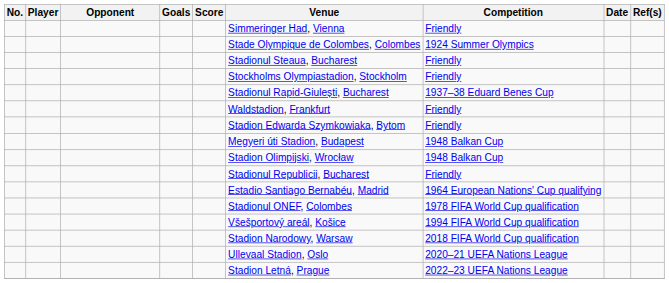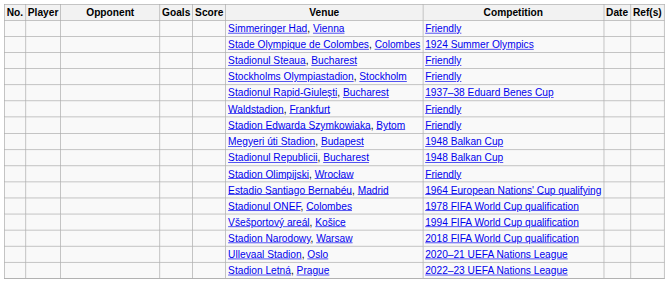 <table class="wikitable sortable" style="font-size:95%;">
 <tr>
 <th>No.</th>
 <th>Player</th>
 <th width="15%">Opponent</th>
 <th>Goals</th>
 <th class="align:center">Score</th>
 <th>Venue</th>
 <th>Competition</th>
 <th>Date</th>
 <th class="unsortable">Ref(s)</th>
 </tr>
 <tr>
 <td></td>
 <td></td>
 <td></td>
 <td></td>
 <td data-sort-value="3"></td>
 <td><a href='#'>Simmeringer Had</a>, <a href='#'>Vienna</a></td>
 <td><a href='#'>Friendly</a></td>
 <td></td>
 <td></td>
 </tr>
 <tr>
 <td></td>
 <td></td>
 <td></td>
 <td></td>
 <td data-sort-value="3"></td>
 <td><a href='#'>Stade Olympique de Colombes</a>, <a href='#'>Colombes</a></td>
 <td><a href='#'>1924 Summer Olympics</a></td>
 <td></td>
 <td></td>
 </tr>
 <tr>
 <td></td>
 <td></td>
 <td></td>
 <td></td>
 <td data-sort-value="3"></td>
 <td><a href='#'>Stadionul Steaua</a>, <a href='#'>Bucharest</a></td>
 <td><a href='#'>Friendly</a></td>
 <td></td>
 <td></td>
 </tr>
 <tr>
 <td></td>
 <td></td>
 <td></td>
 <td></td>
 <td data-sort-value="3"></td>
 <td><a href='#'>Stockholms Olympiastadion</a>, <a href='#'>Stockholm</a></td>
 <td><a href='#'>Friendly</a></td>
 <td></td>
 <td></td>
 </tr>
 <tr>
 <td></td>
 <td></td>
 <td></td>
 <td></td>
 <td data-sort-value="3"></td>
 <td><a href='#'>Stadionul Rapid-Giulești</a>, <a href='#'>Bucharest</a></td>
 <td><a href='#'>1937–38 Eduard Benes Cup</a></td>
 <td></td>
 <td></td>
 </tr>
 <tr>
 <td></td>
 <td></td>
 <td></td>
 <td></td>
 <td data-sort-value="3"></td>
 <td><a href='#'>Waldstadion</a>, <a href='#'>Frankfurt</a></td>
 <td><a href='#'>Friendly</a></td>
 <td></td>
 <td></td>
 </tr>
 <tr>
 <td></td>
 <td></td>
 <td></td>
 <td></td>
 <td data-sort-value="3"></td>
 <td><a href='#'>Stadion Edwarda Szymkowiaka</a>, <a href='#'>Bytom</a></td>
 <td><a href='#'>Friendly</a></td>
 <td></td>
 <td></td>
 </tr>
 <tr>
 <td></td>
 <td></td>
 <td></td>
 <td></td>
 <td data-sort-value="3"></td>
 <td><a href='#'>Megyeri úti Stadion</a>, <a href='#'>Budapest</a></td>
 <td><a href='#'>1948 Balkan Cup</a></td>
 <td></td>
 <td></td>
 </tr>
 <tr>
 <td></td>
 <td></td>
 <td></td>
 <td></td>
 <td data-sort-value="3"></td>
-<td><a href='#'>Stadion Olimpijski</a>, <a href='#'>Wrocław</a></td>
+<td><a href='#'>Stadionul Republicii</a>, <a href='#'>Bucharest</a></td>
 <td><a href='#'>1948 Balkan Cup</a></td>
 <td></td>
 <td></td>
 </tr>
 <tr>
 <td></td>
 <td></td>
 <td></td>
 <td></td>
 <td data-sort-value="3"></td>
-<td><a href='#'>Stadionul Republicii</a>, <a href='#'>Bucharest</a></td>
+<td><a href='#'>Stadion Olimpijski</a>, <a href='#'>Wrocław</a></td>
 <td><a href='#'>Friendly</a></td>
 <td></td>
 <td></td>
 </tr>
 <tr>
 <td></td>
 <td></td>
 <td></td>
 <td></td>
 <td data-sort-value="3"></td>
 <td><a href='#'>Estadio Santiago Bernabéu</a>, <a href='#'>Madrid</a></td>
 <td><a href='#'>1964 European Nations' Cup qualifying</a></td>
 <td></td>
 <td></td>
 </tr>
 <tr>
 <td></td>
 <td></td>
 <td></td>
 <td></td>
 <td data-sort-value="3"></td>
 <td><a href='#'>Stadionul ONEF</a>, <a href='#'>Colombes</a></td>
 <td><a href='#'>1978 FIFA World Cup qualification</a></td>
 <td></td>
 <td></td>
 </tr>
 <tr>
 <td></td>
 <td></td>
 <td></td>
 <td></td>
 <td data-sort-value="3"></td>
 <td><a href='#'>Všešportový areál</a>, <a href='#'>Košice</a></td>
 <td><a href='#'>1994 FIFA World Cup qualification</a></td>
 <td></td>
 <td></td>
 </tr>
 <tr>
 <td></td>
 <td></td>
 <td></td>
 <td></td>
 <td data-sort-value="3"></td>
 <td><a href='#'>Stadion Narodowy</a>, <a href='#'>Warsaw</a></td>
 <td><a href='#'>2018 FIFA World Cup qualification</a></td>
 <td></td>
 <td></td>
 </tr>
 <tr>
 <td></td>
 <td></td>
 <td></td>
 <td></td>
 <td data-sort-value="3"></td>
 <td><a href='#'>Ullevaal Stadion</a>, <a href='#'>Oslo</a></td>
 <td><a href='#'>2020–21 UEFA Nations League</a></td>
 <td></td>
 <td></td>
 </tr>
 <tr>
 <td></td>
 <td></td>
 <td></td>
 <td></td>
 <td data-sort-value="3"></td>
 <td><a href='#'>Stadion Letná</a>, <a href='#'>Prague</a></td>
 <td><a href='#'>2022–23 UEFA Nations League</a></td>
 <td></td>
 <td></td>
 </tr>
 <tr>
 </tr>
 </table>
